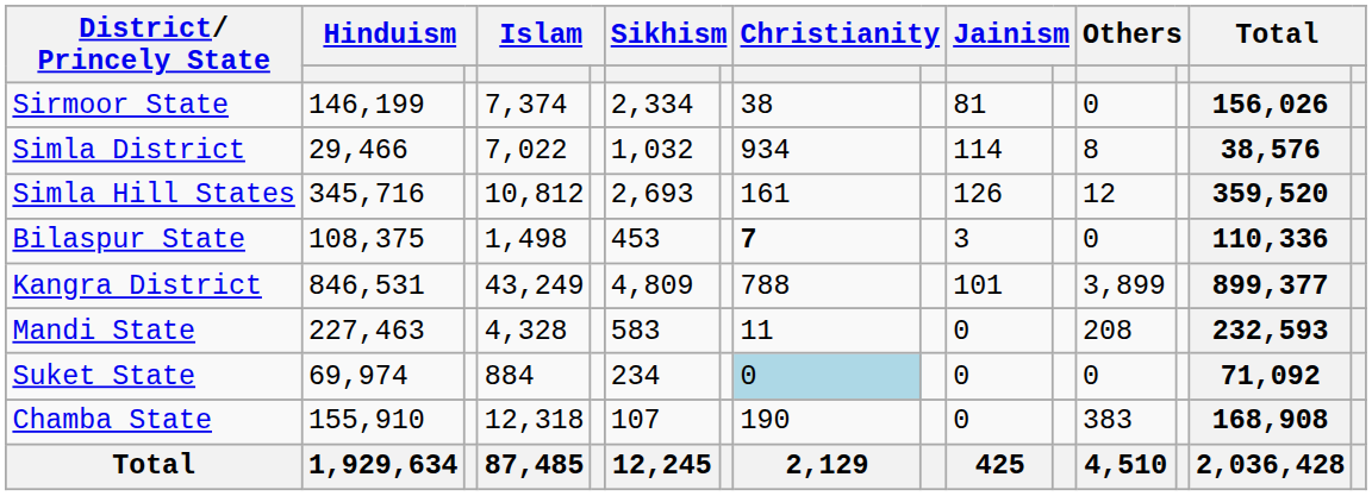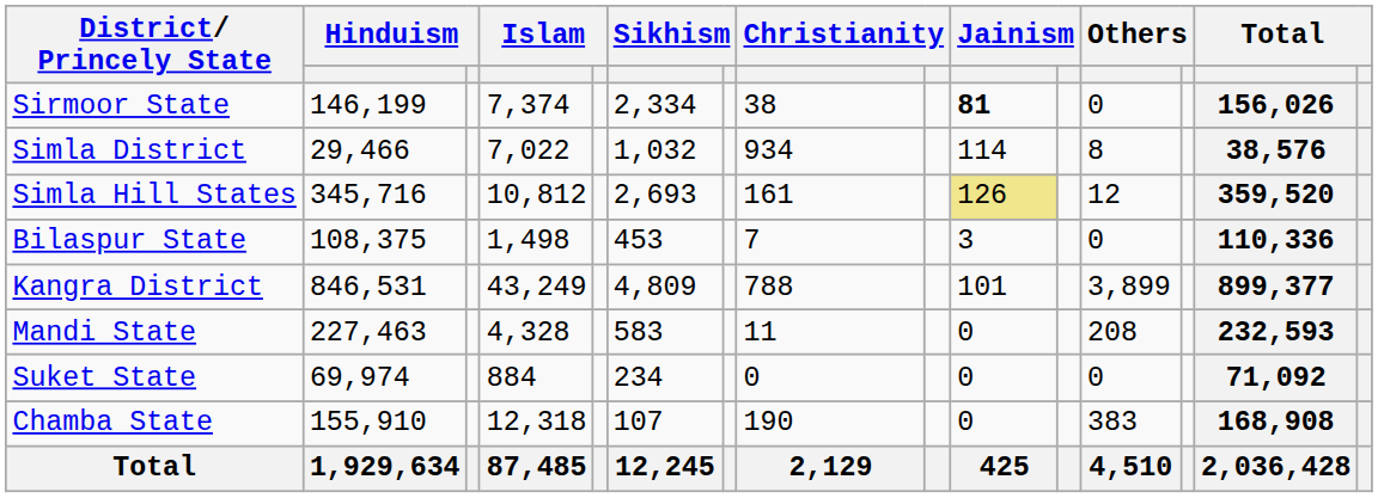 <table class="wikitable sortable">
 <tr>
 <th rowspan="2"><a href='#'>District</a>/<br><a href='#'>Princely State</a></th>
 <th colspan="2"><a href='#'>Hinduism</a> </th>
 <th colspan="2"><a href='#'>Islam</a> </th>
 <th colspan="2"><a href='#'>Sikhism</a> </th>
 <th colspan="2"><a href='#'>Christianity</a> </th>
 <th colspan="2"><a href='#'>Jainism</a> </th>
 <th colspan="2">Others</th>
 <th colspan="2">Total</th>
 </tr>
 <tr>
 <th><a href='#'></a></th>
 <th></th>
 <th></th>
 <th></th>
 <th></th>
 <th></th>
 <th></th>
 <th></th>
 <th></th>
 <th></th>
 <th></th>
 <th></th>
 <th></th>
 <th></th>
 </tr>
 <tr>
 <td><a href='#'>Sirmoor State</a></td>
 <td>146,199</td>
 <td></td>
 <td>7,374</td>
 <td></td>
 <td>2,334</td>
 <td></td>
 <td>38</td>
 <td></td>
-<td>81</td>
+<td><strong>81</strong></td>
 <td></td>
 <td>0</td>
 <td></td>
 <th>156,026</th>
 <th></th>
 </tr>
 <tr>
 <td><a href='#'>Simla District</a></td>
 <td>29,466</td>
 <td></td>
 <td>7,022</td>
 <td></td>
 <td>1,032</td>
 <td></td>
 <td>934</td>
 <td></td>
 <td>114</td>
 <td></td>
 <td>8</td>
 <td></td>
 <th>38,576</th>
 <th></th>
 </tr>
 <tr>
 <td><a href='#'>Simla Hill States</a></td>
 <td>345,716</td>
 <td></td>
 <td>10,812</td>
 <td></td>
 <td>2,693</td>
 <td></td>
 <td>161</td>
 <td></td>
-<td>126</td>
+<td style="background: khaki;">126</td>
 <td></td>
 <td>12</td>
 <td></td>
 <th>359,520</th>
 <th></th>
 </tr>
 <tr>
 <td><a href='#'>Bilaspur State</a></td>
 <td>108,375</td>
 <td></td>
 <td>1,498</td>
 <td></td>
 <td>453</td>
 <td></td>
-<td><strong>7</strong></td>
+<td>7</td>
 <td></td>
 <td>3</td>
 <td></td>
 <td>0</td>
 <td></td>
 <th>110,336</th>
 <th></th>
 </tr>
 <tr>
 <td><a href='#'>Kangra District</a></td>
 <td>846,531</td>
 <td></td>
 <td>43,249</td>
 <td></td>
 <td>4,809</td>
 <td></td>
 <td>788</td>
 <td></td>
 <td>101</td>
 <td></td>
 <td>3,899</td>
 <td></td>
 <th>899,377</th>
 <th></th>
 </tr>
 <tr>
 <td><a href='#'>Mandi State</a></td>
 <td>227,463</td>
 <td></td>
 <td>4,328</td>
 <td></td>
 <td>583</td>
 <td></td>
 <td>11</td>
 <td></td>
 <td>0</td>
 <td></td>
 <td>208</td>
 <td></td>
 <th>232,593</th>
 <th></th>
 </tr>
 <tr>
 <td><a href='#'>Suket State</a></td>
 <td>69,974</td>
 <td></td>
 <td>884</td>
 <td></td>
 <td>234</td>
 <td></td>
-<td style="background: lightblue;">0</td>
+<td>0</td>
 <td></td>
 <td>0</td>
 <td></td>
 <td>0</td>
 <td></td>
 <th>71,092</th>
 <th></th>
 </tr>
 <tr>
 <td><a href='#'>Chamba State</a></td>
 <td>155,910</td>
 <td></td>
 <td>12,318</td>
 <td></td>
 <td>107</td>
 <td></td>
 <td>190</td>
 <td></td>
 <td>0</td>
 <td></td>
 <td>383</td>
 <td></td>
 <th>168,908</th>
 <th></th>
 </tr>
 <tr>
 <th>Total</th>
 <th>1,929,634</th>
 <th></th>
 <th>87,485</th>
 <th></th>
 <th>12,245</th>
 <th></th>
 <th>2,129</th>
 <th></th>
 <th>425</th>
 <th></th>
 <th>4,510</th>
 <th></th>
 <th>2,036,428</th>
 <th></th>
 </tr>
 </table>
